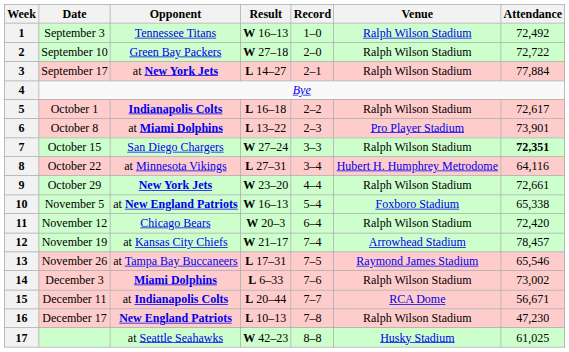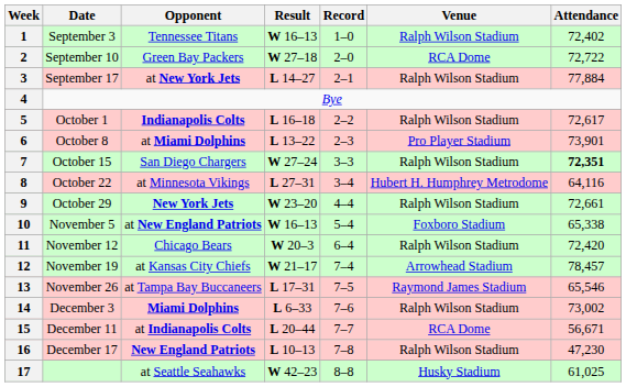 <table class="wikitable" style="text-align:center">
 <tr>
 <th>Week</th>
 <th>Date</th>
 <th>Opponent</th>
 <th>Result</th>
 <th>Record</th>
 <th>Venue</th>
 <th>Attendance</th>
 </tr>
 <tr style="background:#cfc">
 <th>1</th>
 <td>September 3</td>
 <td><a href='#'>Tennessee Titans</a></td>
 <td><strong>W</strong> 16–13</td>
 <td>1–0</td>
 <td><a href='#'>Ralph Wilson Stadium</a></td>
-<td>72,492</td>
+<td>72,402</td>
 </tr>
 <tr style="background:#cfc">
 <th>2</th>
 <td>September 10</td>
 <td><a href='#'>Green Bay Packers</a></td>
 <td><strong>W</strong> 27–18</td>
 <td>2–0</td>
-<td>Ralph Wilson Stadium</td>
+<td><a href='#'>RCA Dome</a></td>
 <td>72,722</td>
 </tr>
 <tr style="background:#fcc">
 <th>3</th>
 <td>September 17</td>
 <td>at <strong><a href='#'>New York Jets</a></strong></td>
 <td><strong>L</strong> 14–27</td>
 <td>2–1</td>
 <td>Ralph Wilson Stadium</td>
 <td>77,884</td>
 </tr>
 <tr>
 <th>4</th>
 <td colspan="6"><em><a href='#'>Bye</a></em></td>
 </tr>
 <tr style="background:#fcc">
 <th>5</th>
 <td>October 1</td>
 <td><strong><a href='#'>Indianapolis Colts</a></strong></td>
 <td><strong>L</strong> 16–18</td>
 <td>2–2</td>
 <td>Ralph Wilson Stadium</td>
 <td>72,617</td>
 </tr>
 <tr style="background:#fcc">
 <th>6</th>
 <td>October 8</td>
 <td>at <strong><a href='#'>Miami Dolphins</a></strong></td>
 <td><strong>L</strong> 13–22</td>
 <td>2–3</td>
 <td><a href='#'>Pro Player Stadium</a></td>
 <td>73,901</td>
 </tr>
 <tr style="background:#cfc">
 <th>7</th>
 <td>October 15</td>
 <td><a href='#'>San Diego Chargers</a></td>
 <td><strong>W</strong> 27–24 </td>
 <td>3–3</td>
 <td>Ralph Wilson Stadium</td>
 <td><strong>72,351</strong></td>
 </tr>
 <tr style="background:#fcc">
 <th>8</th>
 <td>October 22</td>
 <td>at <a href='#'>Minnesota Vikings</a></td>
 <td><strong>L</strong> 27–31</td>
 <td>3–4</td>
 <td><a href='#'>Hubert H. Humphrey Metrodome</a></td>
 <td>64,116</td>
 </tr>
 <tr style="background:#cfc">
 <th>9</th>
 <td>October 29</td>
 <td><strong><a href='#'>New York Jets</a></strong></td>
 <td><strong>W</strong> 23–20</td>
 <td>4–4</td>
 <td>Ralph Wilson Stadium</td>
 <td>72,661</td>
 </tr>
 <tr style="background:#cfc">
 <th>10</th>
 <td>November 5</td>
 <td>at <strong><a href='#'>New England Patriots</a></strong></td>
 <td><strong>W</strong> 16–13 </td>
 <td>5–4</td>
 <td><a href='#'>Foxboro Stadium</a></td>
 <td>65,338</td>
 </tr>
 <tr style="background:#cfc">
 <th>11</th>
 <td>November 12</td>
 <td><a href='#'>Chicago Bears</a></td>
 <td><strong>W</strong> 20–3</td>
 <td>6–4</td>
 <td>Ralph Wilson Stadium</td>
 <td>72,420</td>
 </tr>
 <tr style="background:#cfc">
 <th>12</th>
 <td>November 19</td>
 <td>at <a href='#'>Kansas City Chiefs</a></td>
 <td><strong>W</strong> 21–17</td>
 <td>7–4</td>
 <td><a href='#'>Arrowhead Stadium</a></td>
 <td>78,457</td>
 </tr>
 <tr style="background:#fcc">
 <th>13</th>
 <td>November 26</td>
 <td>at <a href='#'>Tampa Bay Buccaneers</a></td>
 <td><strong>L</strong> 17–31</td>
 <td>7–5</td>
 <td><a href='#'>Raymond James Stadium</a></td>
 <td>65,546</td>
 </tr>
 <tr style="background:#fcc">
 <th>14</th>
 <td>December 3</td>
 <td><strong><a href='#'>Miami Dolphins</a></strong></td>
 <td><strong>L</strong> 6–33</td>
 <td>7–6</td>
 <td>Ralph Wilson Stadium</td>
 <td>73,002</td>
 </tr>
 <tr style="background:#fcc">
 <th>15</th>
 <td>December 11</td>
 <td>at <strong><a href='#'>Indianapolis Colts</a></strong></td>
 <td><strong>L</strong> 20–44</td>
 <td>7–7</td>
 <td><a href='#'>RCA Dome</a></td>
 <td>56,671</td>
 </tr>
 <tr style="background:#fcc">
 <th>16</th>
 <td>December 17</td>
 <td><strong><a href='#'>New England Patriots</a></strong></td>
 <td><strong>L</strong> 10–13 </td>
 <td>7–8</td>
 <td>Ralph Wilson Stadium</td>
 <td>47,230</td>
 </tr>
 <tr style="background:#cfc">
 <th>17</th>
 <td></td>
 <td>at <a href='#'>Seattle Seahawks</a></td>
 <td><strong>W</strong> 42–23</td>
 <td>8–8</td>
 <td><a href='#'>Husky Stadium</a></td>
 <td>61,025</td>
 </tr>
 </table>
